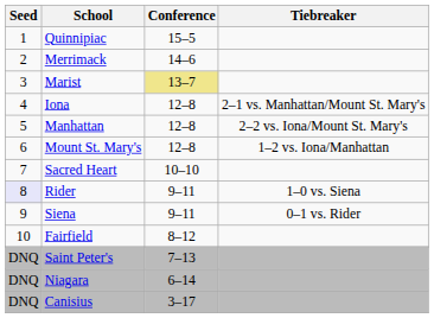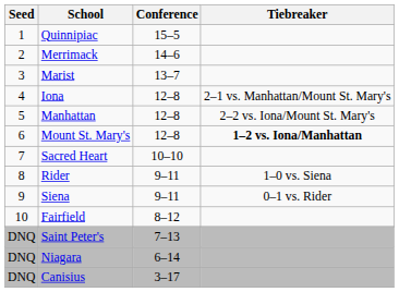 <table class="wikitable" style="text-align:center">
 <tr>
 <th>Seed</th>
 <th>School</th>
 <th>Conference</th>
 <th>Tiebreaker</th>
 </tr>
 <tr>
 <td>1</td>
 <td align=left><a href='#'>Quinnipiac</a></td>
 <td>15–5</td>
 <td></td>
 </tr>
 <tr>
 <td>2</td>
 <td align=left><a href='#'>Merrimack</a></td>
 <td>14–6</td>
 <td></td>
 </tr>
 <tr>
 <td>3</td>
 <td align=left><a href='#'>Marist</a></td>
-<td style="background: khaki;">13–7</td>
+<td>13–7</td>
 <td></td>
 </tr>
 <tr>
 <td>4</td>
 <td align=left><a href='#'>Iona</a></td>
 <td>12–8</td>
 <td>2–1 vs. Manhattan/Mount St. Mary's</td>
 </tr>
 <tr>
 <td>5</td>
 <td align=left><a href='#'>Manhattan</a></td>
 <td>12–8</td>
 <td>2–2 vs. Iona/Mount St. Mary's</td>
 </tr>
 <tr>
 <td>6</td>
 <td align=left><a href='#'>Mount St. Mary's</a></td>
 <td>12–8</td>
-<td>1–2 vs. Iona/Manhattan</td>
+<td><strong>1–2 vs. Iona/Manhattan</strong></td>
 </tr>
 <tr>
 <td>7</td>
 <td align=left><a href='#'>Sacred Heart</a></td>
 <td>10–10</td>
 <td></td>
 </tr>
 <tr>
-<td style="background: lavender;">8</td>
+<td>8</td>
 <td align=left><a href='#'>Rider</a></td>
 <td>9–11</td>
 <td>1–0 vs. Siena</td>
 </tr>
 <tr>
 <td>9</td>
 <td align=left><a href='#'>Siena</a></td>
 <td>9–11</td>
 <td>0–1 vs. Rider</td>
 </tr>
 <tr>
 <td>10</td>
 <td align=left><a href='#'>Fairfield</a></td>
 <td>8–12</td>
 <td></td>
 </tr>
 <tr>
 </tr>
 <tr bgcolor="#bbbbbb">
 <td>DNQ</td>
 <td align="left"><a href='#'>Saint Peter's</a></td>
 <td>7–13</td>
 <td></td>
 </tr>
 <tr bgcolor="#bbbbbb">
 <td>DNQ</td>
 <td align="left"><a href='#'>Niagara</a></td>
 <td>6–14</td>
 <td></td>
 </tr>
 <tr bgcolor="#bbbbbb">
 <td>DNQ</td>
 <td align="left"><a href='#'>Canisius</a></td>
 <td>3–17</td>
 <td></td>
 </tr>
 </table>
